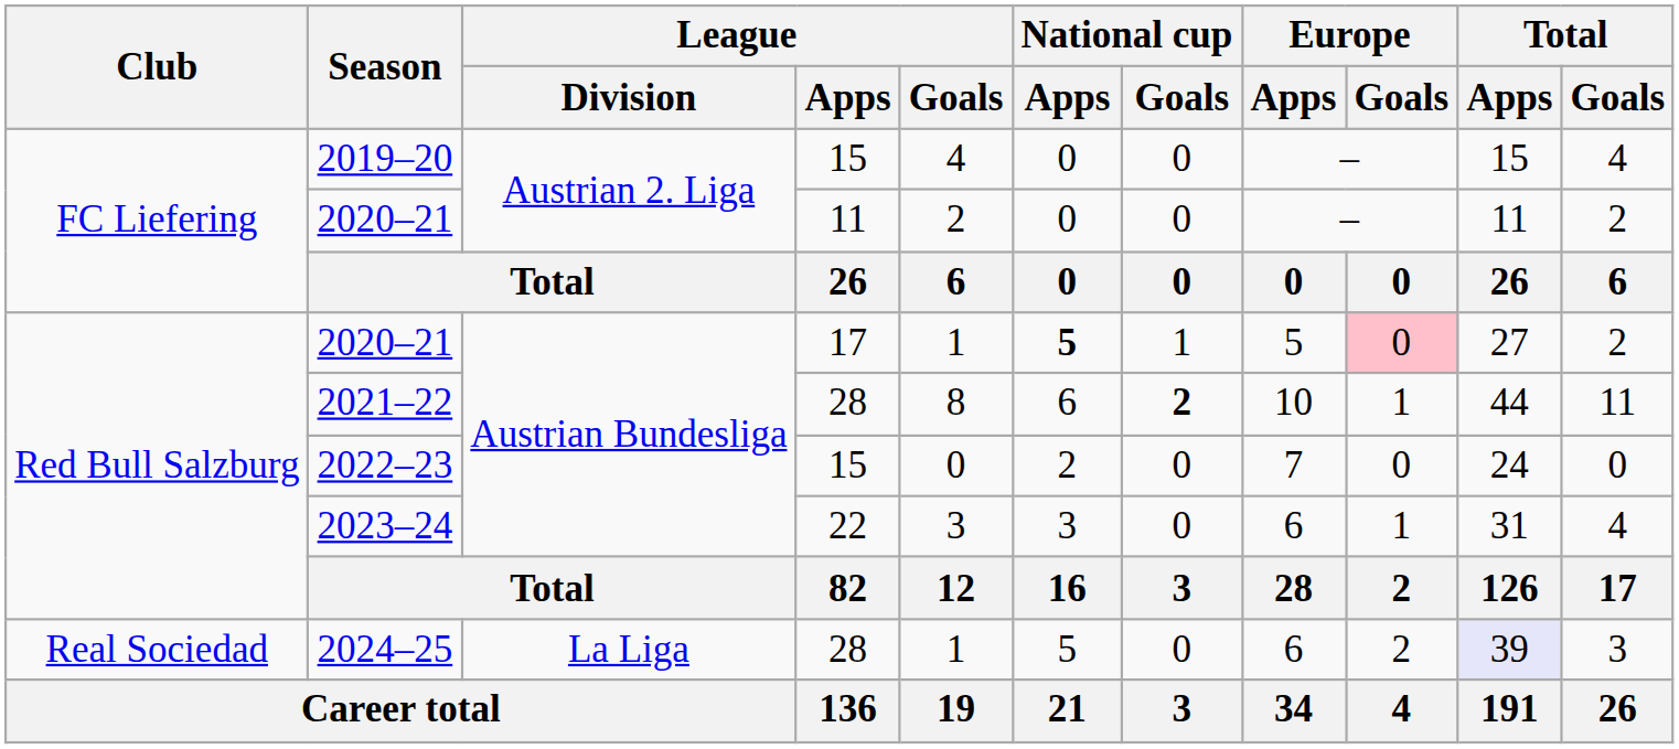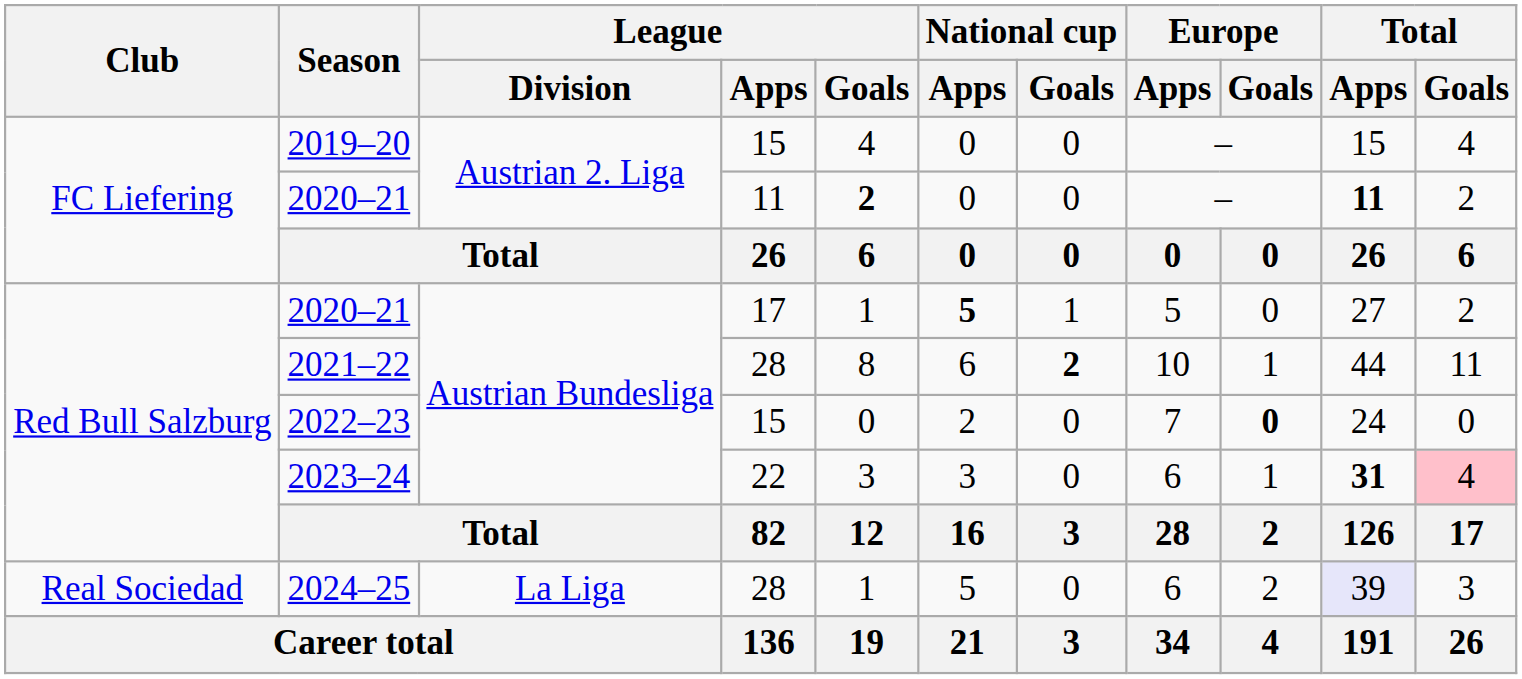 <table class="wikitable" style="text-align: center">
 <tr>
 <th rowspan="2">Club</th>
 <th rowspan="2">Season</th>
 <th colspan="3">League</th>
 <th colspan="2">National cup</th>
 <th colspan="2">Europe</th>
 <th colspan="2">Total</th>
 </tr>
 <tr>
 <th>Division</th>
 <th>Apps</th>
 <th>Goals</th>
 <th>Apps</th>
 <th>Goals</th>
 <th>Apps</th>
 <th>Goals</th>
 <th>Apps</th>
 <th>Goals</th>
 </tr>
 <tr>
 <td rowspan="3"><a href='#'>FC Liefering</a></td>
 <td><a href='#'>2019–20</a></td>
 <td rowspan="2"><a href='#'>Austrian 2. Liga</a></td>
 <td>15</td>
 <td>4</td>
 <td>0</td>
 <td>0</td>
 <td colspan="2">–</td>
 <td>15</td>
 <td>4</td>
 </tr>
 <tr>
 <td><a href='#'>2020–21</a></td>
 <td>11</td>
-<td>2</td>
+<td><strong>2</strong></td>
 <td>0</td>
 <td>0</td>
 <td colspan="2">–</td>
-<td>11</td>
+<td><strong>11</strong></td>
 <td>2</td>
 </tr>
 <tr>
 <th colspan="2">Total</th>
 <th>26</th>
 <th>6</th>
 <th>0</th>
 <th>0</th>
 <th>0</th>
 <th>0</th>
 <th>26</th>
 <th>6</th>
 </tr>
 <tr>
 <td rowspan="5"><a href='#'>Red Bull Salzburg</a></td>
 <td><a href='#'>2020–21</a></td>
 <td rowspan="4"><a href='#'>Austrian Bundesliga</a></td>
 <td>17</td>
 <td>1</td>
 <td><strong>5</strong></td>
 <td>1</td>
 <td>5</td>
-<td style="background: pink;">0</td>
+<td>0</td>
 <td>27</td>
 <td>2</td>
 </tr>
 <tr>
 <td><a href='#'>2021–22</a></td>
 <td>28</td>
 <td>8</td>
 <td>6</td>
 <td><strong>2</strong></td>
 <td>10</td>
 <td>1</td>
 <td>44</td>
 <td>11</td>
 </tr>
 <tr>
 <td><a href='#'>2022–23</a></td>
 <td>15</td>
 <td>0</td>
 <td>2</td>
 <td>0</td>
 <td>7</td>
-<td>0</td>
+<td><strong>0</strong></td>
 <td>24</td>
 <td>0</td>
 </tr>
 <tr>
 <td><a href='#'>2023–24</a></td>
 <td>22</td>
 <td>3</td>
 <td>3</td>
 <td>0</td>
 <td>6</td>
 <td>1</td>
-<td>31</td>
-<td>4</td>
+<td><strong>31</strong></td>
+<td style="background: pink;">4</td>
 </tr>
 <tr>
 <th colspan="2">Total</th>
 <th>82</th>
 <th>12</th>
 <th>16</th>
 <th>3</th>
 <th>28</th>
 <th>2</th>
 <th>126</th>
 <th>17</th>
 </tr>
 <tr>
 <td><a href='#'>Real Sociedad</a></td>
 <td><a href='#'>2024–25</a></td>
 <td><a href='#'>La Liga</a></td>
 <td>28</td>
 <td>1</td>
 <td>5</td>
 <td>0</td>
 <td>6</td>
 <td>2</td>
 <td style="background: lavender;">39</td>
 <td>3</td>
 </tr>
 <tr>
 <th colspan="3">Career total</th>
 <th>136</th>
 <th>19</th>
 <th>21</th>
 <th>3</th>
 <th>34</th>
 <th>4</th>
 <th>191</th>
 <th>26</th>
 </tr>
 </table>
